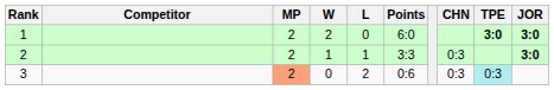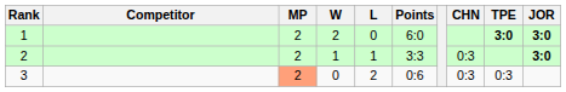 <table class="wikitable" style="text-align:center">
 <tr>
 <th>Rank</th>
 <th style="width:18em">Competitor</th>
 <th style="width:2.5em">MP</th>
 <th style="width:2.5em">W</th>
 <th style="width:2.5em">L</th>
 <th>Points</th>
 <th rowspan="4"> </th>
 <th style="width:2.5em">CHN</th>
 <th style="width:2.5em">TPE</th>
 <th style="width:2.5em">JOR</th>
 </tr>
 <tr style="background:#cfc;">
 <td>1</td>
 <td style="text-align:left"></td>
 <td>2</td>
 <td>2</td>
 <td>0</td>
 <td>6:0</td>
 <td></td>
 <td><strong>3:0</strong></td>
 <td><strong>3:0</strong></td>
 </tr>
 <tr style="background:#cfc;">
 <td>2</td>
 <td style="text-align:left"></td>
 <td>2</td>
 <td>1</td>
 <td>1</td>
 <td>3:3</td>
 <td>0:3</td>
 <td></td>
 <td><strong>3:0</strong></td>
 </tr>
 <tr>
 <td>3</td>
 <td style="text-align:left"></td>
 <td style="background: lightsalmon;">2</td>
 <td>0</td>
 <td>2</td>
 <td>0:6</td>
 <td>0:3</td>
-<td style="background: paleturquoise;">0:3</td>
+<td>0:3</td>
 <td></td>
 </tr>
 </table>
